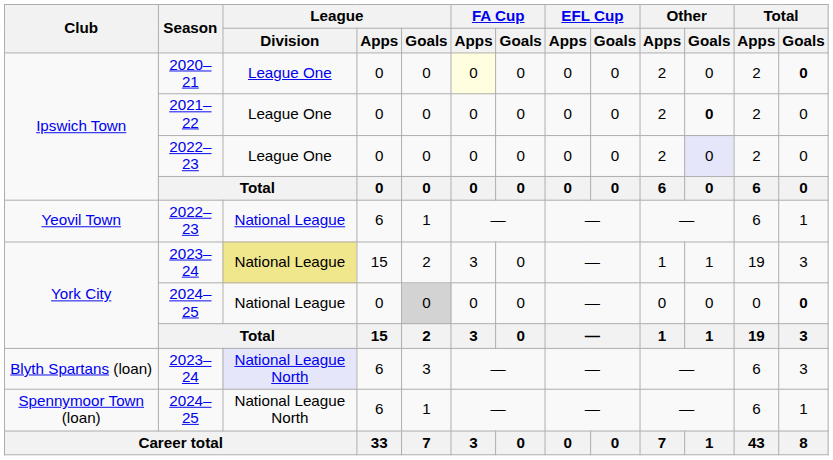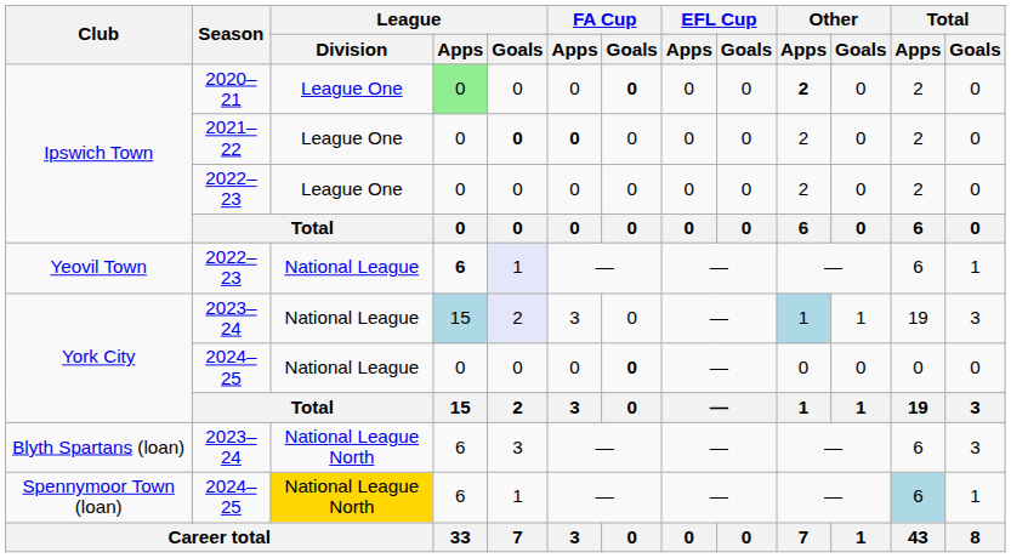 <table class="wikitable" style="text-align: center">
 <tr>
 <th rowspan="2">Club</th>
 <th rowspan="2">Season</th>
 <th colspan="3">League</th>
 <th colspan="2"><a href='#'>FA Cup</a></th>
 <th colspan="2"><a href='#'>EFL Cup</a></th>
 <th colspan="2">Other</th>
 <th colspan="2">Total</th>
 </tr>
 <tr>
 <th>Division</th>
 <th>Apps</th>
 <th>Goals</th>
 <th>Apps</th>
 <th>Goals</th>
 <th>Apps</th>
 <th>Goals</th>
 <th>Apps</th>
 <th>Goals</th>
 <th>Apps</th>
 <th>Goals</th>
 </tr>
 <tr>
 <td rowspan=4><a href='#'>Ipswich Town</a></td>
 <td><a href='#'>2020–21</a></td>
 <td><a href='#'>League One</a></td>
+<td style="background: lightgreen;">0</td>
 <td>0</td>
 <td>0</td>
-<td style="background: lightyellow;">0</td>
+<td><strong>0</strong></td>
+<td>0</td>
+<td>0</td>
+<td><strong>2</strong></td>
+<td>0</td>
+<td>2</td>
+<td>0</td>
+</tr>
+<tr>
+<td><a href='#'>2021–22</a></td>
+<td>League One</td>
+<td>0</td>
+<td><strong>0</strong></td>
+<td><strong>0</strong></td>
 <td>0</td>
 <td>0</td>
 <td>0</td>
 <td>2</td>
 <td>0</td>
-<td>2</td>
-<td><strong>0</strong></td>
-</tr>
-<tr>
-<td><a href='#'>2021–22</a></td>
-<td>League One</td>
-<td>0</td>
-<td>0</td>
-<td>0</td>
-<td>0</td>
-<td>0</td>
-<td>0</td>
-<td>2</td>
-<td><strong>0</strong></td>
 <td>2</td>
 <td>0</td>
 </tr>
 <tr>
 <td><a href='#'>2022–23</a></td>
 <td>League One</td>
 <td>0</td>
 <td>0</td>
 <td>0</td>
 <td>0</td>
 <td>0</td>
 <td>0</td>
 <td>2</td>
-<td style="background: lavender;">0</td>
+<td>0</td>
 <td>2</td>
 <td>0</td>
 </tr>
 <tr>
 <th colspan="2">Total</th>
 <th>0</th>
 <th>0</th>
 <th>0</th>
 <th>0</th>
 <th>0</th>
 <th>0</th>
 <th>6</th>
 <th>0</th>
 <th>6</th>
 <th>0</th>
 </tr>
 <tr>
 <td><a href='#'>Yeovil Town</a></td>
 <td><a href='#'>2022–23</a></td>
 <td><a href='#'>National League</a></td>
-<td>6</td>
-<td>1</td>
+<td><strong>6</strong></td>
+<td style="background: lavender;">1</td>
 <td colspan="2">—</td>
 <td colspan="2">—</td>
 <td colspan="2">—</td>
 <td>6</td>
 <td>1</td>
 </tr>
 <tr>
 <td rowspan="3"><a href='#'>York City</a></td>
 <td><a href='#'>2023–24</a></td>
-<td style="background: khaki;">National League</td>
-<td>15</td>
-<td>2</td>
+<td>National League</td>
+<td style="background: lightblue;">15</td>
+<td style="background: lavender;">2</td>
 <td>3</td>
 <td>0</td>
 <td colspan="2">—</td>
-<td>1</td>
+<td style="background: lightblue;">1</td>
 <td>1</td>
 <td>19</td>
 <td>3</td>
 </tr>
 <tr>
 <td><a href='#'>2024–25</a></td>
 <td>National League</td>
 <td>0</td>
-<td style="background: lightgrey;">0</td>
 <td>0</td>
 <td>0</td>
+<td><strong>0</strong></td>
 <td colspan="2">—</td>
 <td>0</td>
 <td>0</td>
 <td>0</td>
-<td><strong>0</strong></td>
+<td>0</td>
 </tr>
 <tr>
 <th colspan="2">Total</th>
 <th>15</th>
 <th>2</th>
 <th>3</th>
 <th>0</th>
 <th colspan="2">—</th>
 <th>1</th>
 <th>1</th>
 <th>19</th>
 <th>3</th>
 </tr>
 <tr>
 <td><a href='#'>Blyth Spartans</a> (loan)</td>
 <td><a href='#'>2023–24</a></td>
-<td style="background: lavender;"><a href='#'>National League North</a></td>
+<td><a href='#'>National League North</a></td>
 <td>6</td>
 <td>3</td>
 <td colspan="2">—</td>
 <td colspan="2">—</td>
 <td colspan="2">—</td>
 <td>6</td>
 <td>3</td>
 </tr>
 <tr>
 <td><a href='#'>Spennymoor Town</a> (loan)</td>
 <td><a href='#'>2024–25</a></td>
-<td>National League North</td>
+<td style="background: gold;">National League North</td>
 <td>6</td>
 <td>1</td>
 <td colspan="2">—</td>
 <td colspan="2">—</td>
 <td colspan="2">—</td>
-<td>6</td>
+<td style="background: lightblue;">6</td>
 <td>1</td>
 </tr>
 <tr>
 <th colspan="3">Career total</th>
 <th>33</th>
 <th>7</th>
 <th>3</th>
 <th>0</th>
 <th>0</th>
 <th>0</th>
 <th>7</th>
 <th>1</th>
 <th>43</th>
 <th>8</th>
 </tr>
 </table>
